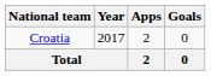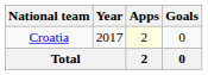 <table class=wikitable style="text-align: center">
 <tr>
 <th>National team</th>
 <th>Year</th>
 <th>Apps</th>
 <th>Goals</th>
 </tr>
 <tr>
 <td><a href='#'>Croatia</a></td>
 <td>2017</td>
-<td>2</td>
+<td style="background: lightyellow;">2</td>
 <td>0</td>
 </tr>
 <tr>
 <th colspan=2>Total</th>
 <th>2</th>
 <th>0</th>
 </tr>
 </table>
